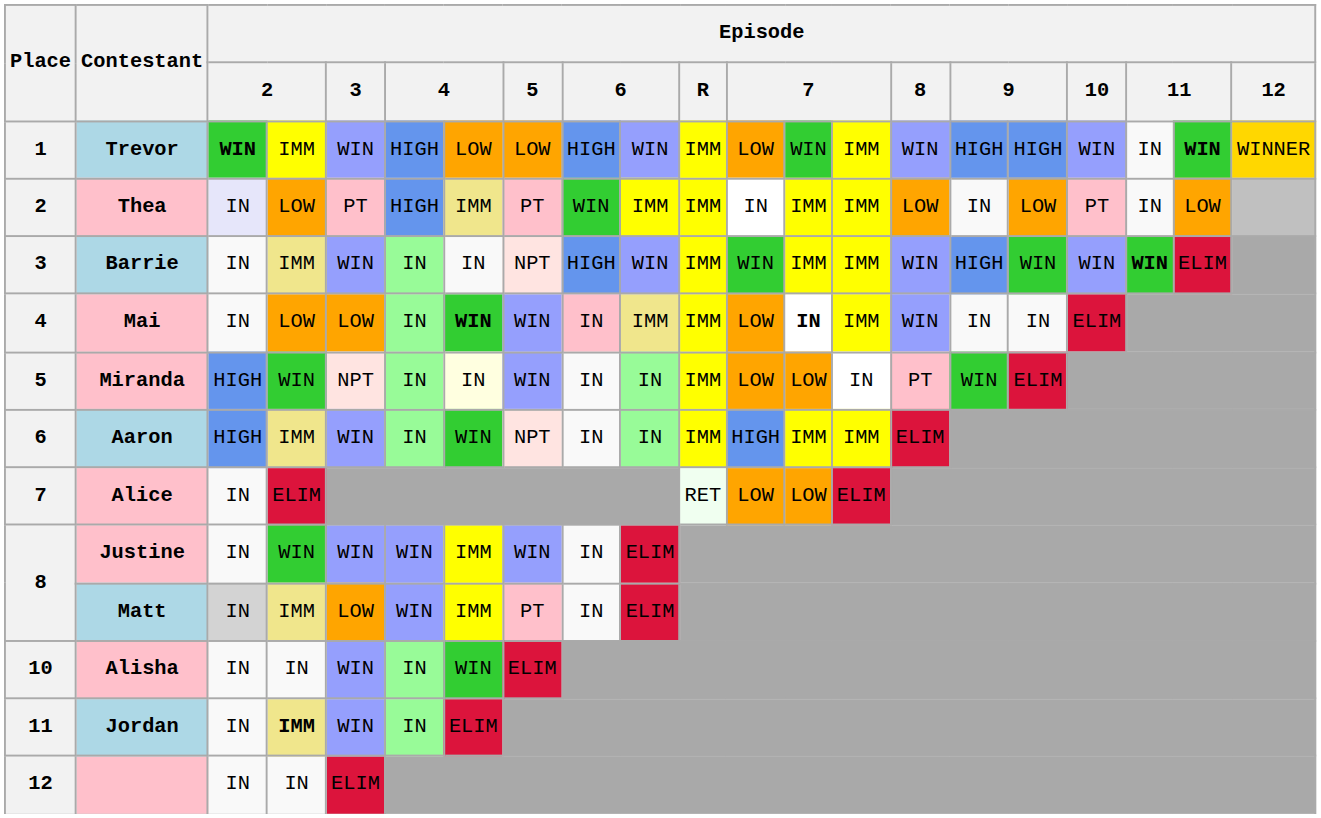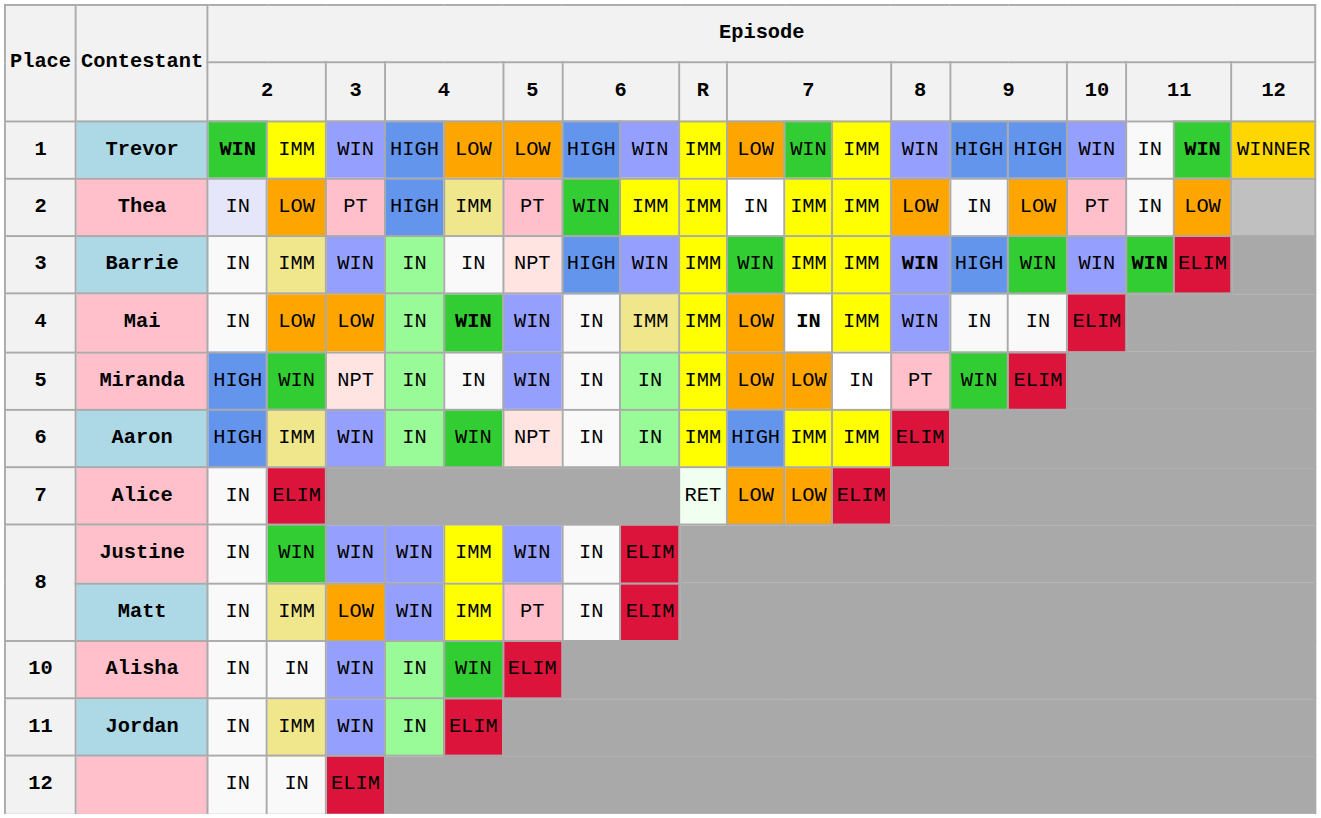 <table class="wikitable" style="text-align: center; font-size: 8pt; line-height:25px;">
 <tr>
 <th rowspan="2">Place</th>
 <th rowspan="2">Contestant</th>
 <th colspan="19">Episode</th>
 </tr>
 <tr>
 <th colspan="2">2</th>
 <th>3</th>
 <th colspan="2">4</th>
 <th>5</th>
 <th colspan="2">6</th>
 <th>R</th>
 <th colspan="3">7</th>
 <th>8</th>
 <th colspan="2">9</th>
 <th>10</th>
 <th colspan="2">11</th>
 <th>12</th>
 </tr>
 <tr>
 <th>1</th>
 <th style="background:lightblue;">Trevor</th>
 <td style="background:limegreen;"><strong>WIN</strong></td>
 <td style="background:yellow;">IMM</td>
 <td style="background:#959FFD;">WIN</td>
 <td style="background:cornflowerblue;">HIGH</td>
 <td style="background:orange;">LOW</td>
 <td style="background:orange;">LOW</td>
 <td style="background:cornflowerblue;">HIGH</td>
 <td style="background:#959FFD;">WIN</td>
 <td style="background:yellow;">IMM</td>
 <td style="background:orange;">LOW</td>
 <td style="background:limegreen;">WIN</td>
 <td style="background:yellow;">IMM</td>
 <td style="background:#959FFD;">WIN</td>
 <td style="background:cornflowerblue;">HIGH</td>
 <td style="background:cornflowerblue;">HIGH</td>
 <td style="background:#959FFD;">WIN</td>
 <td>IN</td>
 <td style="background:limegreen;"><strong>WIN</strong></td>
 <td style="background:gold;">WINNER</td>
 </tr>
 <tr>
 <th>2</th>
 <th style="background:Pink;">Thea</th>
 <td style="background: lavender;">IN</td>
 <td style="background:orange;">LOW</td>
 <td style="background:pink;">PT</td>
 <td style="background:cornflowerblue;">HIGH</td>
 <td style="background:khaki;">IMM</td>
 <td style="background:PINK;">PT</td>
 <td style="background:limegreen;">WIN</td>
 <td style="background:yellow;">IMM</td>
 <td style="background:yellow;">IMM</td>
 <td style="background:WHITE;">IN</td>
 <td style="background:yellow;">IMM</td>
 <td style="background:yellow;">IMM</td>
 <td style="background:orange;">LOW</td>
 <td>IN</td>
 <td style="background:orange;">LOW</td>
 <td style="background:PINK;">PT</td>
 <td>IN</td>
 <td style="background:orange;">LOW</td>
 <td style="background:silver;"></td>
 </tr>
 <tr>
 <th>3</th>
 <th style="background:lightblue;">Barrie</th>
 <td>IN</td>
 <td style="background:khaki;">IMM</td>
 <td style="background:#959FFD;">WIN</td>
 <td style="background:palegreen;">IN</td>
 <td>IN</td>
 <td style="background:mistyrose;">NPT</td>
 <td style="background:cornflowerblue;">HIGH</td>
 <td style="background:#959FFD;">WIN</td>
 <td style="background:yellow;">IMM</td>
 <td style="background:limegreen;">WIN</td>
 <td style="background:yellow;">IMM</td>
 <td style="background:yellow;">IMM</td>
-<td style="background:#959FFD;">WIN</td>
+<td style="background:#959FFD;"><strong>WIN</strong></td>
 <td style="background:cornflowerblue;">HIGH</td>
 <td style="background:limegreen;">WIN</td>
 <td style="background:#959FFD;">WIN</td>
 <td style="background:limegreen;"><strong>WIN</strong></td>
 <td style="background:crimson;">ELIM</td>
 <td style="background:darkgrey;"></td>
 </tr>
 <tr>
 <th>4</th>
 <th style="background:pink;">Mai</th>
 <td>IN</td>
 <td style="background:orange;">LOW</td>
 <td style="background:orange;">LOW</td>
 <td style="background:palegreen;">IN</td>
 <td style="background:limegreen;"><strong>WIN</strong></td>
 <td style="background:#959FFD;">WIN</td>
-<td style="background: pink;">IN</td>
+<td>IN</td>
 <td style="background:khaki;">IMM</td>
 <td style="background:yellow;">IMM</td>
 <td style="background:orange;">LOW</td>
 <td style="background:WHITE;"><strong>IN</strong></td>
 <td style="background:yellow;">IMM</td>
 <td style="background:#959FFD;">WIN</td>
 <td>IN</td>
 <td>IN</td>
 <td style="background:crimson;">ELIM</td>
 <td colspan="3" style="background:darkgrey;"></td>
 </tr>
 <tr>
 <th>5</th>
 <th style="background:pink;">Miranda</th>
 <td style="background:cornflowerblue;">HIGH</td>
 <td style="background:limeGREEN;">WIN</td>
 <td style="background:mistyrose;">NPT</td>
 <td style="background:palegreen;">IN</td>
-<td style="background: lightyellow;">IN</td>
+<td>IN</td>
 <td style="background:#959FFD;">WIN</td>
 <td>IN</td>
 <td style="background:palegreen;">IN</td>
 <td style="background:yellow;">IMM</td>
 <td style="background:orange;">LOW</td>
 <td style="background:orange;">LOW</td>
 <td style="background:WHITE;">IN</td>
 <td style="background:PINK;">PT</td>
 <td style="background:LIMEGREEN;">WIN</td>
 <td style="background:crimson;">ELIM</td>
 <td colspan="4" style="background:darkgrey;"></td>
 </tr>
 <tr>
 <th>6</th>
 <th style="background:lightblue;">Aaron</th>
 <td style="background:cornflowerblue;">HIGH</td>
 <td style="background:khaki;">IMM</td>
 <td style="background:#959FFD;">WIN</td>
 <td style="background:palegreen;">IN</td>
 <td style="background:limegreen;">WIN</td>
 <td style="background:mistyrose;">NPT</td>
 <td>IN</td>
 <td style="background:palegreen;">IN</td>
 <td style="background:yellow;">IMM</td>
 <td style="background:cornflowerblue;">HIGH</td>
 <td style="background:yellow;">IMM</td>
 <td style="background:yellow;">IMM</td>
 <td style="background:crimson;">ELIM</td>
 <td colspan="6" style="background:darkgrey;"></td>
 </tr>
 <tr>
 <th>7</th>
 <th style="background:pink;">Alice</th>
 <td>IN</td>
 <td style="background:crimson;">ELIM</td>
 <td colspan="6" style="background:darkgrey;"></td>
 <td style="background:honeydew;">RET</td>
 <td style="background:orange;">LOW</td>
 <td style="background:orange;">LOW</td>
 <td style="background:crimson;">ELIM</td>
 <td colspan="7" style="background:darkgrey;"></td>
 </tr>
 <tr>
 <th rowspan="2">8</th>
 <th style="background:pink;">Justine</th>
 <td>IN</td>
 <td style="background:limegreen;">WIN</td>
 <td style="background:#959FFD;">WIN</td>
 <td style="background:#959FFD;">WIN</td>
 <td style="background:yellow;">IMM</td>
 <td style="background:#959FFD;">WIN</td>
 <td>IN</td>
 <td style="background:crimson;">ELIM</td>
 <td colspan="11" style="background:darkgrey;"></td>
 </tr>
 <tr>
 <th style="background:lightblue;">Matt</th>
-<td style="background: lightgrey;">IN</td>
+<td>IN</td>
 <td style="background:khaki;">IMM</td>
 <td style="background:orange;">LOW</td>
 <td style="background:#959FFD;">WIN</td>
 <td style="background:yellow;">IMM</td>
 <td style="background:pink;">PT</td>
 <td>IN</td>
 <td style="background:crimson;">ELIM</td>
 <td colspan="11" style="background:darkgrey;"></td>
 </tr>
 <tr>
 <th>10</th>
 <th style="background:pink;">Alisha</th>
 <td>IN</td>
 <td>IN</td>
 <td style="background:#959FFD;">WIN</td>
 <td style="background:palegreen;">IN</td>
 <td style="background:limegreen;">WIN</td>
 <td style="background:crimson;">ELIM</td>
 <td colspan="13" style="background:darkgrey;"></td>
 </tr>
 <tr>
 <th>11</th>
 <th style="background:lightblue;">Jordan</th>
 <td>IN</td>
-<td style="background:khaki;"><strong>IMM</strong></td>
+<td style="background:khaki;">IMM</td>
 <td style="background:#959FFD;">WIN</td>
 <td style="background:palegreen;">IN</td>
 <td style="background:crimson;">ELIM</td>
 <td colspan="14" style="background:darkgrey;"></td>
 </tr>
 <tr>
 <th>12</th>
 <th style="background:pink;"></th>
 <td>IN</td>
 <td>IN</td>
 <td style="background:crimson;">ELIM</td>
 <td colspan="16" style="background:darkgrey;"></td>
 </tr>
 </table>
